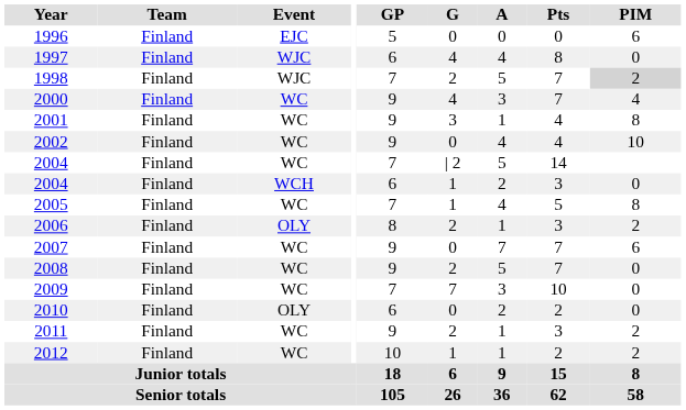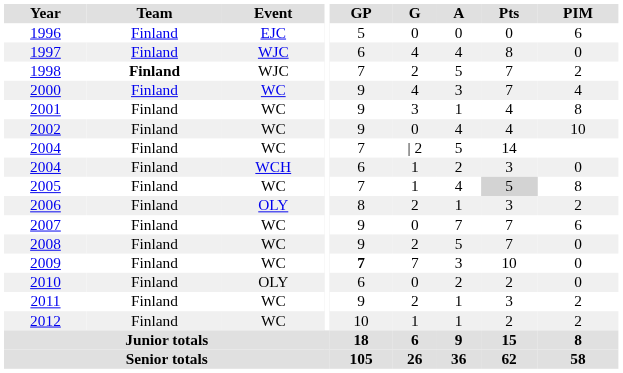 <table border="0" cellpadding="1" cellspacing="0" ID="Table3" style="text-align:center; width:40em">
 <tr bgcolor="#e0e0e0">
 <th>Year</th>
 <th>Team</th>
 <th>Event</th>
 <th rowspan="102" bgcolor="#ffffff"></th>
 <th>GP</th>
 <th>G</th>
 <th>A</th>
 <th>Pts</th>
 <th>PIM</th>
 </tr>
 <tr>
 <td><a href='#'>1996</a></td>
 <td><a href='#'>Finland</a></td>
 <td><a href='#'>EJC</a></td>
 <td>5</td>
 <td>0</td>
 <td>0</td>
 <td>0</td>
 <td>6</td>
 </tr>
 <tr bgcolor="#f0f0f0">
 <td><a href='#'>1997</a></td>
 <td><a href='#'>Finland</a></td>
 <td><a href='#'>WJC</a></td>
 <td>6</td>
 <td>4</td>
 <td>4</td>
 <td>8</td>
 <td>0</td>
 </tr>
 <tr>
 <td><a href='#'>1998</a></td>
-<td>Finland</td>
+<td><strong>Finland</strong></td>
 <td>WJC</td>
 <td>7</td>
 <td>2</td>
 <td>5</td>
 <td>7</td>
-<td style="background: lightgrey;">2</td>
+<td>2</td>
 </tr>
 <tr bgcolor="#f0f0f0">
 <td><a href='#'>2000</a></td>
 <td><a href='#'>Finland</a></td>
 <td><a href='#'>WC</a></td>
 <td>9</td>
 <td>4</td>
 <td>3</td>
 <td>7</td>
 <td>4</td>
 </tr>
 <tr>
 <td><a href='#'>2001</a></td>
 <td>Finland</td>
 <td>WC</td>
 <td>9</td>
 <td>3</td>
 <td>1</td>
 <td>4</td>
 <td>8</td>
 </tr>
 <tr bgcolor="#f0f0f0">
 <td><a href='#'>2002</a></td>
 <td>Finland</td>
 <td>WC</td>
 <td>9</td>
 <td>0</td>
 <td>4</td>
 <td>4</td>
 <td>10</td>
 </tr>
 <tr>
 <td><a href='#'>2004</a></td>
 <td>Finland</td>
 <td>WC</td>
 <td>7</td>
 <td 3>| 2</td>
 <td>5</td>
 <td>14</td>
 </tr>
 <tr bgcolor="#f0f0f0">
 <td><a href='#'>2004</a></td>
 <td>Finland</td>
 <td><a href='#'>WCH</a></td>
 <td>6</td>
 <td>1</td>
 <td>2</td>
 <td>3</td>
 <td>0</td>
 </tr>
 <tr>
 <td><a href='#'>2005</a></td>
 <td>Finland</td>
 <td>WC</td>
 <td>7</td>
 <td>1</td>
 <td>4</td>
-<td>5</td>
+<td style="background: lightgrey;">5</td>
 <td>8</td>
 </tr>
 <tr bgcolor="#f0f0f0">
 <td><a href='#'>2006</a></td>
 <td>Finland</td>
 <td><a href='#'>OLY</a></td>
 <td>8</td>
 <td>2</td>
 <td>1</td>
 <td>3</td>
 <td>2</td>
 </tr>
 <tr>
 <td><a href='#'>2007</a></td>
 <td>Finland</td>
 <td>WC</td>
 <td>9</td>
 <td>0</td>
 <td>7</td>
 <td>7</td>
 <td>6</td>
 </tr>
 <tr bgcolor="#f0f0f0">
 <td><a href='#'>2008</a></td>
 <td>Finland</td>
 <td>WC</td>
 <td>9</td>
 <td>2</td>
 <td>5</td>
 <td>7</td>
 <td>0</td>
 </tr>
 <tr>
 <td><a href='#'>2009</a></td>
 <td>Finland</td>
 <td>WC</td>
-<td>7</td>
+<td><strong>7</strong></td>
 <td>7</td>
 <td>3</td>
 <td>10</td>
 <td>0</td>
 </tr>
 <tr bgcolor="#f0f0f0">
 <td><a href='#'>2010</a></td>
 <td>Finland</td>
 <td>OLY</td>
 <td>6</td>
 <td>0</td>
 <td>2</td>
 <td>2</td>
 <td>0</td>
 </tr>
 <tr>
 <td><a href='#'>2011</a></td>
 <td>Finland</td>
 <td>WC</td>
 <td>9</td>
 <td>2</td>
 <td>1</td>
 <td>3</td>
 <td>2</td>
 </tr>
 <tr bgcolor="#f0f0f0">
 <td><a href='#'>2012</a></td>
 <td>Finland</td>
 <td>WC</td>
 <td>10</td>
 <td>1</td>
 <td>1</td>
 <td>2</td>
 <td>2</td>
 </tr>
 <tr bgcolor="#e0e0e0">
 <th colspan="4">Junior totals</th>
 <th>18</th>
 <th>6</th>
 <th>9</th>
 <th>15</th>
 <th>8</th>
 </tr>
 <tr bgcolor="#e0e0e0">
 <th colspan="4">Senior totals</th>
 <th>105</th>
 <th>26</th>
 <th>36</th>
 <th>62</th>
 <th>58</th>
 </tr>
 </table>
